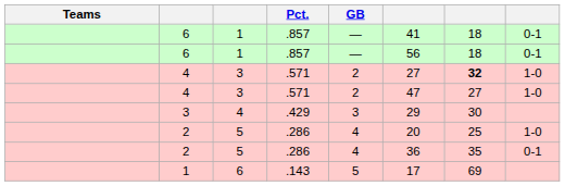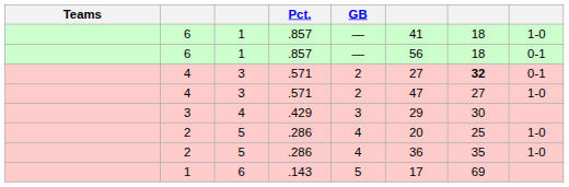 <table class="wikitable" width="57%" style="text-align:center;">
 <tr>
 <th width="20%">Teams</th>
 <th width="7%"></th>
 <th width="7%"></th>
 <th width="8%"><a href='#'>Pct.</a></th>
 <th width="7%"><a href='#'>GB</a></th>
 <th width="8%"></th>
 <th width="8%"></th>
 <th width="7%"></th>
 </tr>
 <tr bgcolor="ccffcc">
 <td align=left></td>
 <td>6</td>
 <td>1</td>
 <td>.857</td>
 <td>—</td>
 <td>41</td>
 <td>18</td>
-<td>0-1</td>
+<td>1-0</td>
 </tr>
 <tr bgcolor="ccffcc">
 <td align=left></td>
 <td>6</td>
 <td>1</td>
 <td>.857</td>
 <td>—</td>
 <td>56</td>
 <td>18</td>
 <td>0-1</td>
 </tr>
 <tr bgcolor="ffcccc">
 <td align=left></td>
 <td>4</td>
 <td>3</td>
 <td>.571</td>
 <td>2</td>
 <td>27</td>
 <td><strong>32</strong></td>
-<td>1-0</td>
+<td>0-1</td>
 </tr>
 <tr bgcolor="ffcccc">
 <td align=left></td>
 <td>4</td>
 <td>3</td>
 <td>.571</td>
 <td>2</td>
 <td>47</td>
 <td>27</td>
 <td>1-0</td>
 </tr>
 <tr bgcolor="ffcccc">
 <td align=left></td>
 <td>3</td>
 <td>4</td>
 <td>.429</td>
 <td>3</td>
 <td>29</td>
 <td>30</td>
 <td></td>
 </tr>
 <tr bgcolor="ffcccc">
 <td align=left></td>
 <td>2</td>
 <td>5</td>
 <td>.286</td>
 <td>4</td>
 <td>20</td>
 <td>25</td>
 <td>1-0</td>
 </tr>
 <tr bgcolor="ffcccc">
 <td align=left></td>
 <td>2</td>
 <td>5</td>
 <td>.286</td>
 <td>4</td>
 <td>36</td>
 <td>35</td>
-<td>0-1</td>
+<td>1-0</td>
 </tr>
 <tr bgcolor="ffcccc">
 <td align=left></td>
 <td>1</td>
 <td>6</td>
 <td>.143</td>
 <td>5</td>
 <td>17</td>
 <td>69</td>
 <td></td>
 </tr>
 </table>
